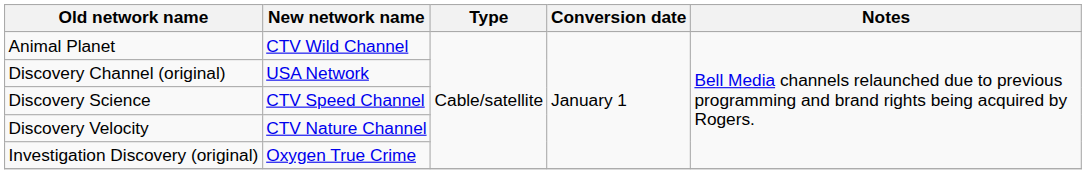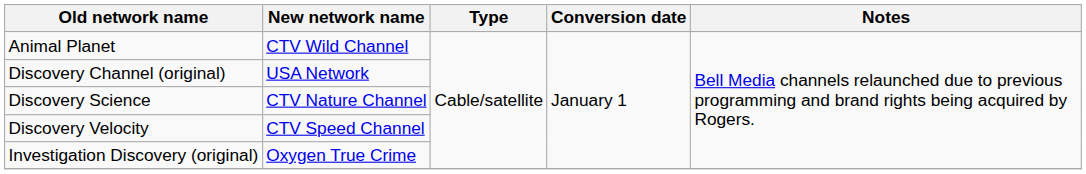 <table class="wikitable">
 <tr>
 <th>Old network name</th>
 <th>New network name</th>
 <th>Type</th>
 <th>Conversion date</th>
 <th>Notes</th>
 </tr>
 <tr>
 <td>Animal Planet</td>
 <td><a href='#'>CTV Wild Channel</a></td>
 <td rowspan=5>Cable/satellite</td>
 <td rowspan=5>January 1</td>
 <td rowspan=5 style="max-width: 355px;"><a href='#'>Bell Media</a> channels relaunched due to previous programming and brand rights being acquired by Rogers.</td>
 </tr>
 <tr>
 <td>Discovery Channel (original)</td>
 <td><a href='#'>USA Network</a></td>
 </tr>
 <tr>
 <td>Discovery Science</td>
-<td><a href='#'>CTV Speed Channel</a></td>
+<td><a href='#'>CTV Nature Channel</a></td>
 </tr>
 <tr>
 <td>Discovery Velocity</td>
-<td><a href='#'>CTV Nature Channel</a></td>
+<td><a href='#'>CTV Speed Channel</a></td>
 </tr>
 <tr>
 <td>Investigation Discovery (original)</td>
 <td><a href='#'>Oxygen True Crime</a></td>
 </tr>
 <tr>
 </tr>
 </table>
